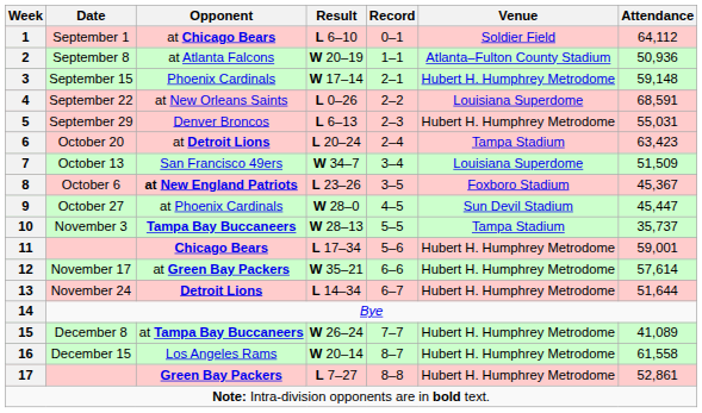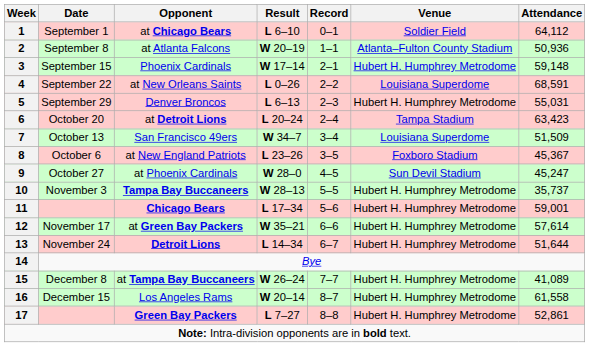 <table class="wikitable" style="text-align:center">
 <tr>
 <th>Week</th>
 <th>Date</th>
 <th>Opponent</th>
 <th>Result</th>
 <th>Record</th>
 <th>Venue</th>
 <th>Attendance</th>
 </tr>
 <tr style="background:#fcc">
 <th>1</th>
 <td>September 1</td>
 <td>at <strong><a href='#'>Chicago Bears</a></strong></td>
 <td><strong>L</strong> 6–10</td>
 <td>0–1</td>
 <td><a href='#'>Soldier Field</a></td>
 <td>64,112</td>
 </tr>
 <tr style="background:#cfc">
 <th>2</th>
 <td>September 8</td>
 <td>at <a href='#'>Atlanta Falcons</a></td>
 <td><strong>W</strong> 20–19</td>
 <td>1–1</td>
 <td><a href='#'>Atlanta–Fulton County Stadium</a></td>
 <td>50,936</td>
 </tr>
 <tr style="background:#cfc">
 <th>3</th>
 <td>September 15</td>
 <td><a href='#'>Phoenix Cardinals</a></td>
 <td><strong>W</strong> 17–14</td>
 <td>2–1</td>
 <td><a href='#'>Hubert H. Humphrey Metrodome</a></td>
 <td>59,148</td>
 </tr>
 <tr style="background:#fcc">
 <th>4</th>
 <td>September 22</td>
 <td>at <a href='#'>New Orleans Saints</a></td>
 <td><strong>L</strong> 0–26</td>
 <td>2–2</td>
 <td><a href='#'>Louisiana Superdome</a></td>
 <td>68,591</td>
 </tr>
 <tr style="background:#fcc">
 <th>5</th>
 <td>September 29</td>
 <td><a href='#'>Denver Broncos</a></td>
 <td><strong>L</strong> 6–13</td>
 <td>2–3</td>
 <td>Hubert H. Humphrey Metrodome</td>
 <td>55,031</td>
 </tr>
 <tr style="background:#fcc">
 <th>6</th>
 <td>October 20</td>
 <td>at <strong><a href='#'>Detroit Lions</a></strong></td>
 <td><strong>L</strong> 20–24</td>
 <td>2–4</td>
 <td><a href='#'>Tampa Stadium</a></td>
 <td>63,423</td>
 </tr>
 <tr style="background:#cfc">
 <th>7</th>
 <td>October 13</td>
 <td><a href='#'>San Francisco 49ers</a></td>
 <td><strong>W</strong> 34–7</td>
 <td>3–4</td>
 <td><a href='#'>Louisiana Superdome</a></td>
 <td>51,509</td>
 </tr>
 <tr style="background:#fcc">
 <th>8</th>
 <td>October 6</td>
-<td><strong>at <a href='#'>New England Patriots</a></strong></td>
+<td>at <a href='#'>New England Patriots</a></td>
 <td><strong>L</strong> 23–26 </td>
 <td>3–5</td>
 <td><a href='#'>Foxboro Stadium</a></td>
 <td>45,367</td>
 </tr>
 <tr style="background:#cfc">
 <th>9</th>
 <td>October 27</td>
 <td>at <a href='#'>Phoenix Cardinals</a></td>
 <td><strong>W</strong> 28–0</td>
 <td>4–5</td>
 <td><a href='#'>Sun Devil Stadium</a></td>
-<td>45,447</td>
+<td>45,247</td>
 </tr>
 <tr style="background:#cfc">
 <th>10</th>
 <td>November 3</td>
 <td><strong><a href='#'>Tampa Bay Buccaneers</a></strong></td>
 <td><strong>W</strong> 28–13</td>
 <td>5–5</td>
-<td><a href='#'>Tampa Stadium</a></td>
+<td>Hubert H. Humphrey Metrodome</td>
 <td>35,737</td>
 </tr>
 <tr style="background:#fcc">
 <th>11</th>
 <td></td>
 <td><strong><a href='#'>Chicago Bears</a></strong></td>
 <td><strong>L</strong> 17–34</td>
 <td>5–6</td>
 <td>Hubert H. Humphrey Metrodome</td>
 <td>59,001</td>
 </tr>
 <tr style="background:#cfc">
 <th>12</th>
 <td>November 17</td>
 <td>at <strong><a href='#'>Green Bay Packers</a></strong></td>
 <td><strong>W</strong> 35–21</td>
 <td>6–6</td>
 <td>Hubert H. Humphrey Metrodome</td>
 <td>57,614</td>
 </tr>
 <tr style="background:#fcc">
 <th>13</th>
 <td>November 24</td>
 <td><strong><a href='#'>Detroit Lions</a></strong></td>
 <td><strong>L</strong> 14–34</td>
 <td>6–7</td>
 <td>Hubert H. Humphrey Metrodome</td>
 <td>51,644</td>
 </tr>
 <tr>
 <th>14</th>
 <td colspan="6"><em><a href='#'>Bye</a></em></td>
 </tr>
 <tr style="background:#cfc">
 <th>15</th>
 <td>December 8</td>
 <td>at <strong><a href='#'>Tampa Bay Buccaneers</a></strong></td>
 <td><strong>W</strong> 26–24</td>
 <td>7–7</td>
 <td>Hubert H. Humphrey Metrodome</td>
 <td>41,089</td>
 </tr>
 <tr style="background:#cfc">
 <th>16</th>
 <td>December 15</td>
 <td><a href='#'>Los Angeles Rams</a></td>
 <td><strong>W</strong> 20–14</td>
 <td>8–7</td>
 <td>Hubert H. Humphrey Metrodome</td>
 <td>61,558</td>
 </tr>
 <tr style="background:#fcc">
 <th>17</th>
 <td></td>
 <td><strong><a href='#'>Green Bay Packers</a></strong></td>
 <td><strong>L</strong> 7–27</td>
 <td>8–8</td>
 <td>Hubert H. Humphrey Metrodome</td>
 <td>52,861</td>
 </tr>
 <tr>
 <td colspan="8"><strong>Note:</strong> Intra-division opponents are in <strong>bold</strong> text.</td>
 </tr>
 </table>
